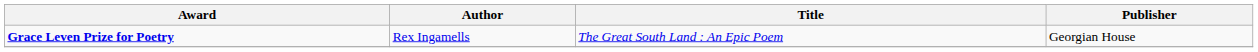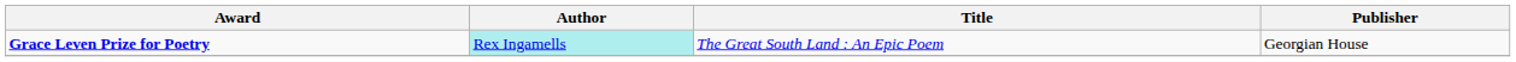 <table class="wikitable" width=95%>
 <tr>
 <th>Award</th>
 <th>Author</th>
 <th>Title</th>
 <th>Publisher</th>
 </tr>
 <tr>
 <td><strong><a href='#'>Grace Leven Prize for Poetry</a></strong></td>
-<td><a href='#'>Rex Ingamells</a></td>
+<td style="background: paleturquoise;"><a href='#'>Rex Ingamells</a></td>
 <td><em><a href='#'>The Great South Land : An Epic Poem</a></em></td>
 <td>Georgian House</td>
 </tr>
 <tr>
 </tr>
 </table>
